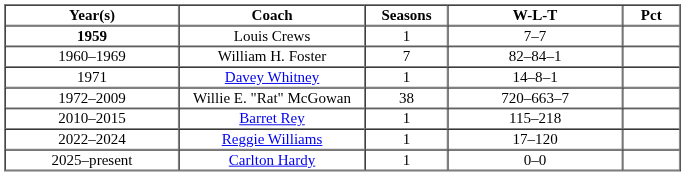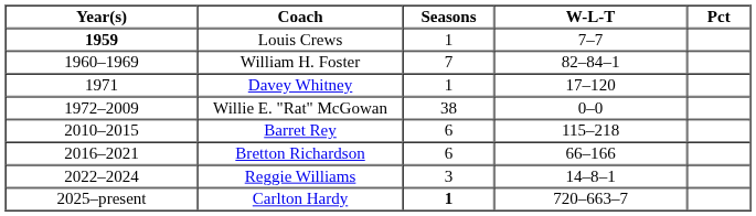 <table cellpadding="1" border="1" cellspacing="0" width="57%" style="text-align:center;">
 <tr>
 <th width="15%">Year(s)</th>
 <th width="16%">Coach</th>
 <th width="6%">Seasons</th>
 <th width="15%">W-L-T</th>
 <th width="5%">Pct</th>
 </tr>
 <tr>
 <td><strong>1959</strong></td>
 <td>Louis Crews</td>
 <td>1</td>
 <td>7–7</td>
 <td></td>
 </tr>
 <tr>
 <td>1960–1969</td>
 <td>William H. Foster</td>
 <td>7</td>
 <td>82–84–1</td>
 <td></td>
 </tr>
 <tr>
 <td>1971</td>
 <td><a href='#'>Davey Whitney</a></td>
 <td>1</td>
-<td>14–8–1</td>
+<td>17–120</td>
 <td></td>
 </tr>
 <tr>
 <td>1972–2009</td>
 <td>Willie E. "Rat" McGowan</td>
 <td>38</td>
-<td>720–663–7</td>
+<td>0–0</td>
 <td></td>
 </tr>
 <tr>
 <td>2010–2015</td>
 <td><a href='#'>Barret Rey</a></td>
-<td>1</td>
+<td>6</td>
 <td>115–218</td>
+<td></td>
+</tr>
+<tr>
+<td>2016–2021</td>
+<td><a href='#'>Bretton Richardson</a></td>
+<td>6</td>
+<td>66–166</td>
 <td></td>
 </tr>
 <tr>
 <td>2022–2024</td>
 <td><a href='#'>Reggie Williams</a></td>
-<td>1</td>
-<td>17–120</td>
+<td>3</td>
+<td>14–8–1</td>
 <td></td>
 </tr>
 <tr>
 <td>2025–present</td>
 <td><a href='#'>Carlton Hardy</a></td>
-<td>1</td>
-<td>0–0</td>
+<td><strong>1</strong></td>
+<td>720–663–7</td>
 <td><br></td>
 </tr>
 </table>
